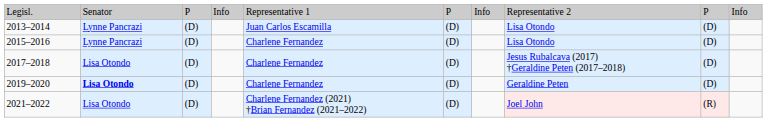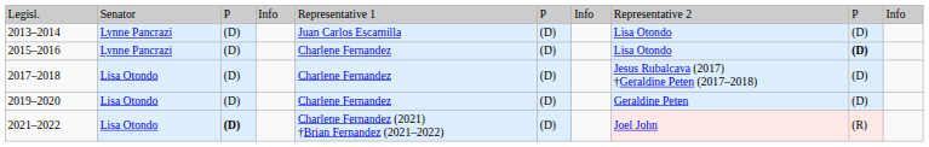 <table class=wikitable width="100%" border="1">
 <tr style="background-color:#cccccc;">
 <td>Legisl.</td>
 <td>Senator</td>
 <td>P</td>
 <td>Info</td>
 <td>Representative 1</td>
 <td>P</td>
 <td>Info</td>
 <td>Representative 2</td>
 <td>P</td>
 <td>Info</td>
 </tr>
 <tr>
 <td>2013–2014</td>
 <td style="background:#DDEEFF"><a href='#'>Lynne Pancrazi</a></td>
 <td style="background:#DDEEFF">(D)</td>
 <td></td>
 <td style="background:#DDEEFF"><a href='#'>Juan Carlos Escamilla</a></td>
 <td style="background:#DDEEFF">(D)</td>
 <td></td>
 <td style="background:#DDEEFF"><a href='#'>Lisa Otondo</a></td>
 <td style="background:#DDEEFF">(D)</td>
 <td></td>
 </tr>
 <tr>
 <td>2015–2016</td>
 <td style="background:#DDEEFF"><a href='#'>Lynne Pancrazi</a></td>
 <td style="background:#DDEEFF">(D)</td>
 <td></td>
 <td style="background:#DDEEFF"><a href='#'>Charlene Fernandez</a></td>
 <td style="background:#DDEEFF">(D)</td>
 <td></td>
 <td style="background:#DDEEFF"><a href='#'>Lisa Otondo</a></td>
-<td style="background:#DDEEFF">(D)</td>
+<td style="background:#DDEEFF"><strong>(D)</strong></td>
 <td></td>
 </tr>
 <tr>
 <td>2017–2018</td>
 <td style="background:#DDEEFF"><a href='#'>Lisa Otondo</a></td>
 <td style="background:#DDEEFF">(D)</td>
 <td></td>
 <td style="background:#DDEEFF"><a href='#'>Charlene Fernandez</a></td>
 <td style="background:#DDEEFF">(D)</td>
 <td></td>
 <td style="background:#DDEEFF"><a href='#'>Jesus Rubalcava</a> (2017)<br> †<a href='#'>Geraldine Peten</a> (2017–2018)</td>
 <td style="background:#DDEEFF">(D)</td>
 <td></td>
 </tr>
 <tr>
 <td>2019–2020</td>
-<td style="background:#DDEEFF"><strong><a href='#'>Lisa Otondo</a></strong></td>
+<td style="background:#DDEEFF"><a href='#'>Lisa Otondo</a></td>
 <td style="background:#DDEEFF">(D)</td>
 <td></td>
 <td style="background:#DDEEFF"><a href='#'>Charlene Fernandez</a></td>
 <td style="background:#DDEEFF">(D)</td>
 <td></td>
 <td style="background:#DDEEFF"><a href='#'>Geraldine Peten</a></td>
 <td style="background:#DDEEFF">(D)</td>
 <td></td>
 </tr>
 <tr>
 <td>2021–2022</td>
 <td style="background:#DDEEFF"><a href='#'>Lisa Otondo</a></td>
-<td style="background:#DDEEFF">(D)</td>
+<td style="background:#DDEEFF"><strong>(D)</strong></td>
 <td></td>
 <td style="background:#DDEEFF"><a href='#'>Charlene Fernandez</a> (2021)<br>†<a href='#'>Brian Fernandez</a> (2021–2022)</td>
 <td style="background:#DDEEFF">(D)</td>
 <td></td>
 <td style="background:#FFE8E8"><a href='#'>Joel John</a></td>
 <td style="background:#FFE8E8">(R)</td>
 <td></td>
 </tr>
 </table>
